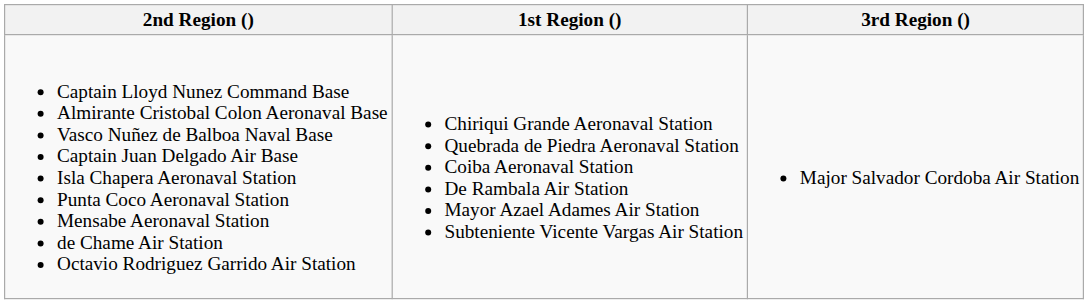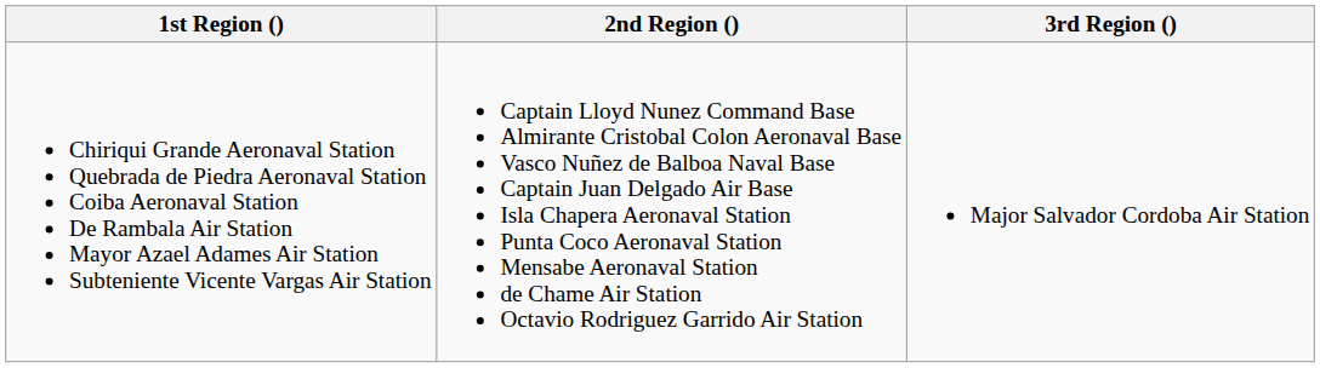 <table class="wikitable">
 <tr style="vertical-align:bottom;">
+<th>1st Region ()</th>
 <th>2nd Region ()</th>
-<th>1st Region ()</th>
 <th>3rd Region ()</th>
 </tr>
 <tr>
+<td><br><ul><li>Chiriqui Grande Aeronaval Station</li><li>Quebrada de Piedra Aeronaval Station</li><li>Coiba Aeronaval Station</li><li>De Rambala Air Station</li><li>Mayor Azael Adames Air Station</li><li>Subteniente Vicente Vargas Air Station</li></ul></td>
 <td><br><ul><li>Captain Lloyd Nunez Command Base</li><li>Almirante Cristobal Colon Aeronaval Base</li><li>Vasco Nuñez de Balboa Naval Base</li><li>Captain Juan Delgado Air Base</li><li>Isla Chapera Aeronaval Station</li><li>Punta Coco Aeronaval Station</li><li>Mensabe Aeronaval Station</li><li>de Chame Air Station</li><li>Octavio Rodriguez Garrido Air Station</li></ul></td>
-<td><br><ul><li>Chiriqui Grande Aeronaval Station</li><li>Quebrada de Piedra Aeronaval Station</li><li>Coiba Aeronaval Station</li><li>De Rambala Air Station</li><li>Mayor Azael Adames Air Station</li><li>Subteniente Vicente Vargas Air Station</li></ul></td>
 <td><br><ul><li>Major Salvador Cordoba Air Station</li></ul></td>
 </tr>
 </table>
